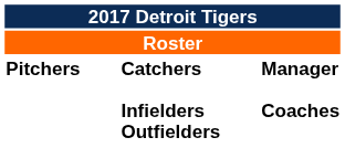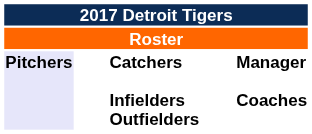 <table class="toccolours" style="font-size: 95%;">
 <tr>
 <th colspan="10" style="background-color: #0C2C56; color: white; text-align: center;">2017 Detroit Tigers</th>
 </tr>
 <tr>
 <td colspan="10" style="background-color: #FF6600; color: white; text-align: center;"><strong>Roster</strong></td>
 </tr>
 <tr>
-<td valign="top"><strong>Pitchers</strong><br>                           </td>
+<td valign="top" style="background: lavender;"><strong>Pitchers</strong><br>                           </td>
 <td width="25px"></td>
 <td valign="top"><strong>Catchers</strong><br>  <br><strong>Infielders</strong>          <br><strong>Outfielders</strong>        </td>
 <td width="25px"></td>
 <td valign="top"><strong>Manager</strong><br><br><strong>Coaches</strong>                   </td>
 </tr>
 </table>
